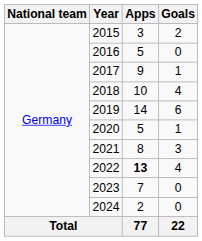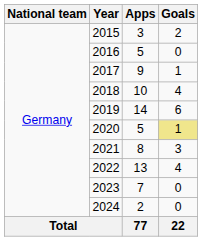 <table class="wikitable" style="text-align:center">
 <tr>
 <th>National team</th>
 <th>Year</th>
 <th>Apps</th>
 <th>Goals</th>
 </tr>
 <tr>
 <td rowspan="10"><a href='#'>Germany</a></td>
 <td>2015</td>
 <td>3</td>
 <td>2</td>
 </tr>
 <tr>
 <td>2016</td>
 <td>5</td>
 <td>0</td>
 </tr>
 <tr>
 <td>2017</td>
 <td>9</td>
 <td>1</td>
 </tr>
 <tr>
 <td>2018</td>
 <td>10</td>
 <td>4</td>
 </tr>
 <tr>
 <td>2019</td>
 <td>14</td>
 <td>6</td>
 </tr>
 <tr>
 <td>2020</td>
 <td>5</td>
-<td>1</td>
+<td style="background: khaki;">1</td>
 </tr>
 <tr>
 <td>2021</td>
 <td>8</td>
 <td>3</td>
 </tr>
 <tr>
 <td>2022</td>
-<td><strong>13</strong></td>
+<td>13</td>
 <td>4</td>
 </tr>
 <tr>
 <td>2023</td>
 <td>7</td>
 <td>0</td>
 </tr>
 <tr>
 <td>2024</td>
 <td>2</td>
 <td>0</td>
 </tr>
 <tr>
 <th colspan="2">Total</th>
 <th>77</th>
 <th>22</th>
 </tr>
 </table>
